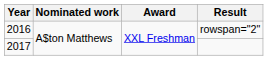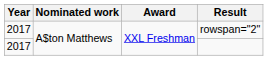 <table class="wikitable">
 <tr>
 <th>Year</th>
 <th>Nominated work</th>
 <th>Award</th>
 <th>Result</th>
 </tr>
 <tr>
-<td>2016</td>
+<td>2017</td>
 <td rowspan="2">A$ton Matthews</td>
 <td rowspan="2"><a href='#'>XXL Freshman</a></td>
 <td>rowspan="2" </td>
 </tr>
 <tr>
 <td>2017</td>
 </tr>
 </table>
